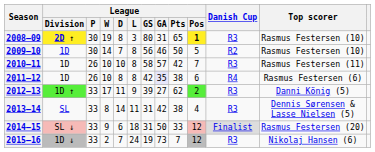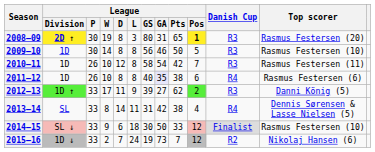 <table class="wikitable sortable" style="text-align: center">
 <tr>
 <th rowspan=2>Season</th>
 <th colspan=9>League</th>
 <th rowspan=2><a href='#'>Danish Cup</a></th>
 <th rowspan=2>Top scorer</th>
 <th rowspan=2 class="unsortable"></th>
 </tr>
 <tr>
 <th>Division</th>
 <th>P</th>
 <th>W</th>
 <th>D</th>
 <th>L</th>
 <th>GS</th>
 <th>GA</th>
 <th>Pts</th>
 <th>Pos</th>
 </tr>
 <tr>
 <th><a href='#'>2008–09</a></th>
 <td style="background-color:#fe2"><strong><a href='#'>2D</a></strong> ↑</td>
 <td>30</td>
 <td>19</td>
 <td>8</td>
 <td>3</td>
 <td>80</td>
 <td>31</td>
 <td>65</td>
 <td style="background-color:#fe2"><strong>1</strong></td>
 <td><a href='#'>R3</a></td>
-<td>Rasmus Festersen (10)</td>
+<td><a href='#'>Rasmus Festersen</a> (20)</td>
 <td></td>
 </tr>
 <tr>
 <th><a href='#'>2009–10</a></th>
 <td><a href='#'>1D</a></td>
 <td>30</td>
 <td>14</td>
-<td>7</td>
+<td>8</td>
 <td>8</td>
 <td>56</td>
 <td>46</td>
 <td>50</td>
 <td>5</td>
-<td><a href='#'>R2</a></td>
+<td><a href='#'>R3</a></td>
 <td>Rasmus Festersen (10)</td>
 <td></td>
 </tr>
 <tr>
 <th><a href='#'>2010–11</a></th>
 <td>1D</td>
 <td>26</td>
 <td>10</td>
-<td>10</td>
+<td>12</td>
 <td>8</td>
 <td>58</td>
-<td>57</td>
+<td>54</td>
 <td>42</td>
 <td>7</td>
 <td><a href='#'>R3</a></td>
 <td>Rasmus Festersen (11)</td>
 <td></td>
 </tr>
 <tr>
 <th><a href='#'>2011–12</a></th>
 <td>1D</td>
 <td>26</td>
 <td>10</td>
 <td>8</td>
 <td>8</td>
-<td>42</td>
+<td>40</td>
 <td style="background: lavender;">35</td>
 <td>38</td>
 <td>6</td>
 <td><a href='#'>R4</a></td>
 <td>Rasmus Festersen (6)</td>
 <td></td>
 </tr>
 <tr>
 <th><a href='#'>2012–13</a></th>
 <td style="background:#56ee3a;">1D ↑</td>
 <td>33</td>
 <td>17</td>
 <td>11</td>
 <td>9</td>
 <td>39</td>
 <td>27</td>
 <td>62</td>
 <td style="background:#56ee3a;">2</td>
 <td><a href='#'>R3</a></td>
 <td><a href='#'>Danni König</a> (5)</td>
 <td></td>
 </tr>
 <tr>
 <th><a href='#'>2013–14</a></th>
 <td><a href='#'>SL</a></td>
 <td>33</td>
 <td>8</td>
 <td>14</td>
 <td>11</td>
 <td>31</td>
 <td>42</td>
 <td>38</td>
 <td>4</td>
-<td><a href='#'>R3</a></td>
+<td><a href='#'>R4</a></td>
 <td><a href='#'>Dennis Sørensen</a> &<br><a href='#'>Lasse Nielsen</a> (5)</td>
 <td></td>
 </tr>
 <tr>
 <th><a href='#'>2014–15</a></th>
 <td style="background:#f6bab7;">SL ↓</td>
 <td>33</td>
 <td>9</td>
 <td>6</td>
 <td>18</td>
-<td>31</td>
+<td>30</td>
 <td>50</td>
 <td>33</td>
 <td style="background:#f6bab7;">12</td>
 <td style="background:#ddd;"><a href='#'>Finalist</a></td>
-<td><a href='#'>Rasmus Festersen</a> (20)</td>
+<td>Rasmus Festersen (10)</td>
 <td></td>
 </tr>
 <tr>
 <th><a href='#'>2015–16</a></th>
 <td style="background:#bbb;">1D ↓</td>
 <td>33</td>
 <td>2</td>
 <td>7</td>
 <td>24</td>
 <td>19</td>
 <td>73</td>
 <td>7</td>
 <td style="background:#bbb;">12</td>
-<td><a href='#'>R3</a></td>
+<td><a href='#'>R2</a></td>
 <td><a href='#'>Nikolaj Hansen</a> (6)</td>
 <td></td>
 </tr>
 </table>
